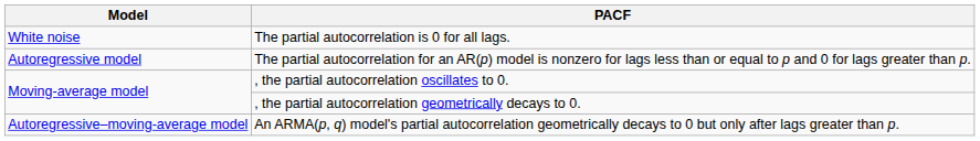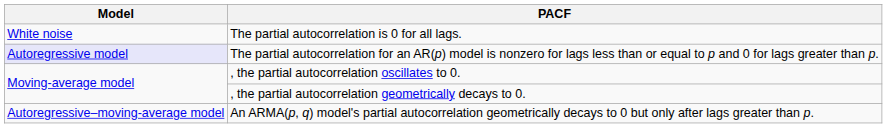 <table class="wikitable">
 <tr>
 <th>Model</th>
 <th>PACF</th>
 </tr>
 <tr>
 <td><a href='#'>White noise</a></td>
 <td>The partial autocorrelation is 0 for all lags.</td>
 </tr>
 <tr>
-<td><a href='#'>Autoregressive model</a></td>
+<td style="background: lavender;"><a href='#'>Autoregressive model</a></td>
 <td>The partial autocorrelation for an AR(<em>p</em>) model is nonzero for lags less than or equal to <em>p</em> and 0 for lags greater than <em>p</em>.</td>
 </tr>
 <tr>
 <td rowspan=2><a href='#'>Moving-average model</a></td>
 <td>, the partial autocorrelation <a href='#'>oscillates</a> to 0.</td>
 </tr>
 <tr>
 <td>, the partial autocorrelation <a href='#'>geometrically</a> decays to 0.</td>
 </tr>
 <tr>
 <td><a href='#'>Autoregressive–moving-average model</a></td>
 <td>An ARMA(<em>p</em>, <em>q</em>) model's partial autocorrelation geometrically decays to 0 but only after lags greater than <em>p</em>.</td>
 </tr>
 </table>
